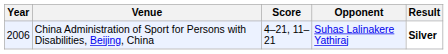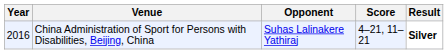 <table class="sortable wikitable" style="font-size: 90%;">
 <tr>
 <th>Year</th>
 <th>Venue</th>
+<th>Opponent</th>
 <th>Score</th>
-<th>Opponent</th>
 <th>Result</th>
 </tr>
 <tr style="background:#ECF2FF">
-<td align="center">2006</td>
+<td align="center">2016</td>
 <td align="left">China Administration of Sport for Persons with Disabilities, <a href='#'>Beijing</a>, China</td>
+<td align="left"> <a href='#'>Suhas Lalinakere Yathiraj</a></td>
 <td align="left">4–21, 11–21</td>
-<td align="left"> <a href='#'>Suhas Lalinakere Yathiraj</a></td>
 <td style="text-align:left; background:white"> <strong>Silver</strong></td>
 </tr>
 </table>
